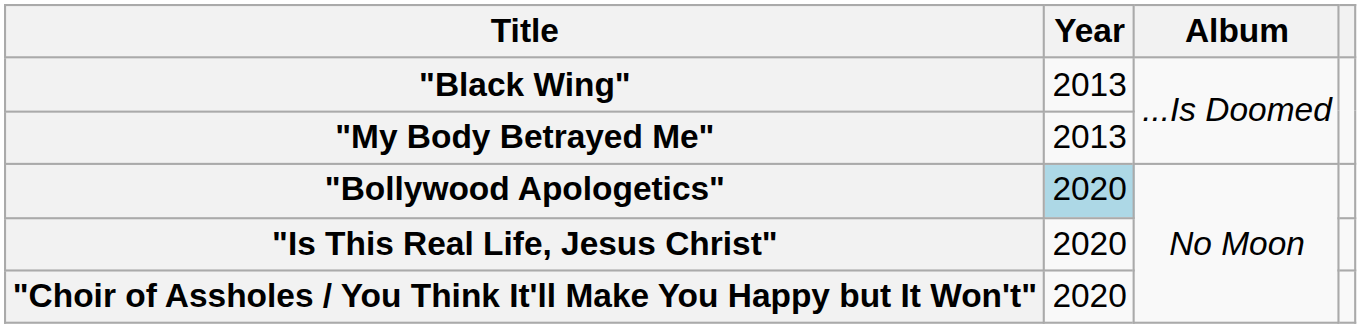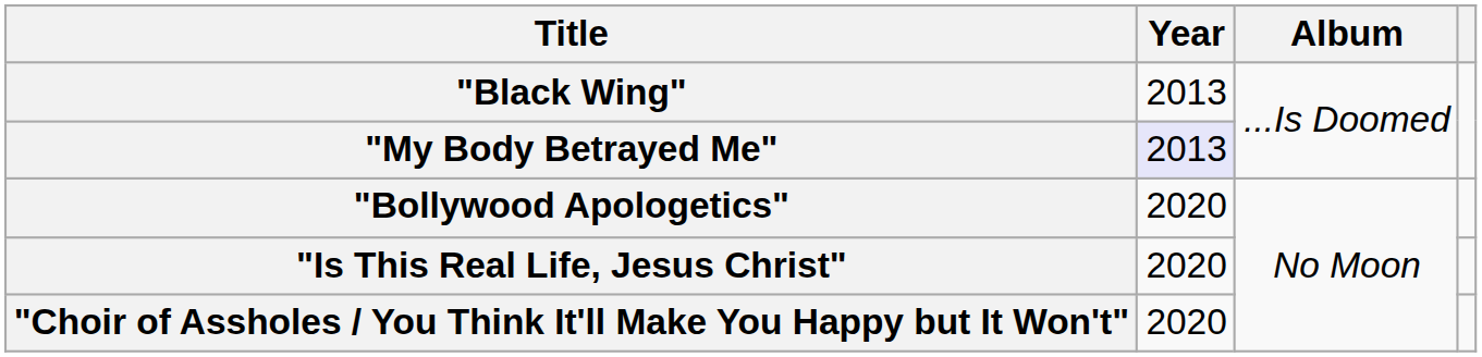 <table class="wikitable plainrowheaders" style="text-align:center;">
 <tr>
 <th>Title</th>
 <th>Year</th>
 <th>Album</th>
 <th></th>
 </tr>
 <tr>
 <th scope="row">"Black Wing"</th>
 <td>2013</td>
 <td rowspan="2"><em>...Is Doomed</em></td>
 <td rowspan="2"></td>
 </tr>
 <tr>
 <th scope="row">"My Body Betrayed Me"</th>
-<td>2013</td>
+<td style="background: lavender;">2013</td>
 </tr>
 <tr>
 <th scope="row">"Bollywood Apologetics"</th>
-<td style="background: lightblue;">2020</td>
+<td>2020</td>
 <td rowspan="3"><em>No Moon</em></td>
 <td></td>
 </tr>
 <tr>
 <th scope="row">"Is This Real Life, Jesus Christ"</th>
 <td>2020</td>
 <td></td>
 </tr>
 <tr>
 <th scope="row">"Choir of Assholes / You Think It'll Make You Happy but It Won't"</th>
 <td>2020</td>
 <td></td>
 </tr>
 </table>
